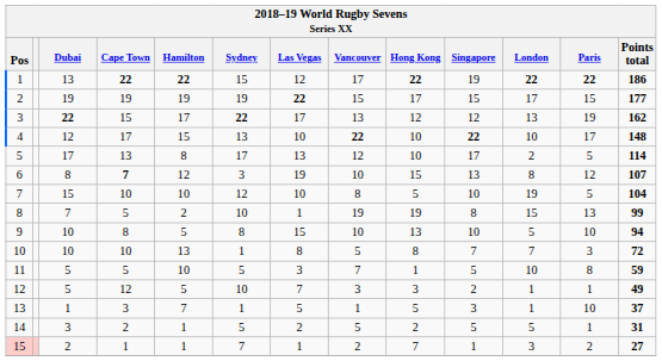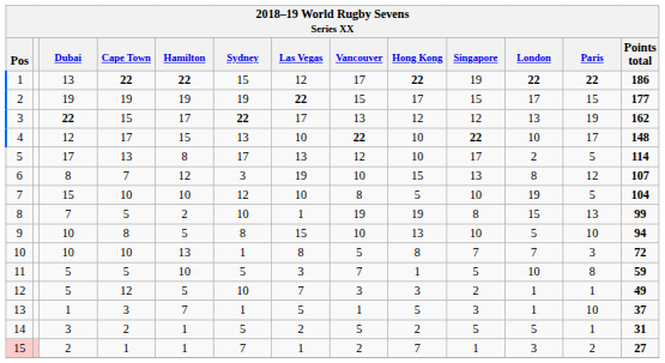 <table class="wikitable" style="text-align:center;">
 <tr bgcolor="#efefef">
 <th colspan=13 style="border-right:0px;";>2018–19 World Rugby Sevens<br><small>Series XX</small></th>
 </tr>
 <tr bgcolor="#efefef">
 <th style="width:1.8em;"> <br>Pos</th>
 <th></th>
 <th style="width:5.2em; vertical-align:top; font-size:85%;"><br><a href='#'>Dubai</a></th>
 <th style="width:5.2em; vertical-align:top; font-size:85%;"><br><a href='#'>Cape Town</a></th>
 <th style="width:5.2em; vertical-align:top; font-size:85%;"><br><a href='#'>Hamilton</a></th>
 <th style="width:5.2em; vertical-align:top; font-size:85%;"><br><a href='#'>Sydney</a></th>
 <th style="width:5.2em; vertical-align:top; font-size:85%;"><br><a href='#'>Las Vegas</a></th>
 <th style="width:5.2em; vertical-align:top; font-size:85%;"><br><a href='#'>Vancouver</a></th>
 <th style="width:5.2em; vertical-align:top; font-size:85%;"><br><a href='#'>Hong Kong</a></th>
 <th style="width:5.2em; vertical-align:top; font-size:85%;"><br><a href='#'>Singapore</a></th>
 <th style="width:5.2em; vertical-align:top; font-size:85%;"><br><a href='#'>London</a></th>
 <th style="width:5.2em; vertical-align:top; font-size:85%;"><br><a href='#'>Paris</a></th>
 <th>Points<br>total</th>
 </tr>
 <tr style="border-left:3px solid #06f;">
 <td>1</td>
 <td align="left"></td>
 <td>13</td>
 <td><strong>22</strong></td>
 <td><strong>22</strong></td>
 <td>15</td>
 <td>12</td>
 <td>17</td>
 <td><strong>22</strong></td>
 <td>19</td>
 <td><strong>22</strong></td>
 <td><strong>22</strong></td>
 <td><strong>186</strong></td>
 </tr>
 <tr style="border-left:3px solid #06f;">
 <td>2</td>
 <td align="left"></td>
 <td>19</td>
 <td>19</td>
 <td>19</td>
 <td>19</td>
 <td><strong>22</strong></td>
 <td>15</td>
 <td>17</td>
 <td>15</td>
 <td>17</td>
 <td>15</td>
 <td><strong>177</strong></td>
 </tr>
 <tr style="border-left:3px solid #06f;">
 <td>3</td>
 <td align="left"></td>
 <td><strong>22</strong></td>
 <td>15</td>
 <td>17</td>
 <td><strong>22 </strong></td>
 <td>17</td>
 <td>13</td>
 <td>12</td>
 <td>12</td>
 <td>13</td>
 <td>19</td>
 <td><strong>162</strong></td>
 </tr>
 <tr style="border-left:3px solid #06f;">
 <td>4</td>
 <td align="left"></td>
 <td>12</td>
 <td>17</td>
 <td>15</td>
 <td>13</td>
 <td>10</td>
 <td><strong>22</strong></td>
 <td>10</td>
 <td><strong>22</strong></td>
 <td>10</td>
 <td>17</td>
 <td><strong>148</strong></td>
 </tr>
 <tr>
 <td>5</td>
 <td align="left"></td>
 <td>17</td>
 <td>13</td>
 <td>8</td>
 <td>17</td>
 <td>13</td>
 <td>12</td>
 <td>10</td>
 <td>17</td>
 <td>2</td>
 <td>5</td>
 <td><strong>114</strong></td>
 </tr>
 <tr>
 <td>6</td>
 <td align="left"></td>
 <td>8</td>
-<td><strong>7</strong></td>
+<td>7</td>
 <td>12</td>
 <td>3</td>
 <td>19</td>
 <td>10</td>
 <td>15</td>
 <td>13</td>
 <td>8</td>
 <td>12</td>
 <td><strong>107</strong></td>
 </tr>
 <tr>
 <td>7</td>
 <td align="left"></td>
 <td>15</td>
 <td>10</td>
 <td>10</td>
 <td>12</td>
 <td>10</td>
 <td>8</td>
 <td>5</td>
 <td>10</td>
 <td>19</td>
 <td>5</td>
 <td><strong>104</strong></td>
 </tr>
 <tr>
 <td>8</td>
 <td align="left"></td>
 <td>7</td>
 <td>5</td>
 <td>2</td>
 <td>10</td>
 <td>1</td>
 <td>19</td>
 <td>19</td>
 <td>8</td>
 <td>15</td>
 <td>13</td>
 <td><strong>99</strong></td>
 </tr>
 <tr>
 <td>9</td>
 <td align="left"></td>
 <td>10</td>
 <td>8</td>
 <td>5</td>
 <td>8</td>
 <td>15</td>
 <td>10</td>
 <td>13</td>
 <td>10</td>
 <td>5</td>
 <td>10</td>
 <td><strong>94</strong></td>
 </tr>
 <tr>
 <td>10</td>
 <td align="left"></td>
 <td>10</td>
 <td>10</td>
 <td>13</td>
 <td>1</td>
 <td>8</td>
 <td>5</td>
 <td>8</td>
 <td>7</td>
 <td>7</td>
 <td>3</td>
 <td><strong>72</strong></td>
 </tr>
 <tr>
 <td>11</td>
 <td align="left"></td>
 <td>5</td>
 <td>5</td>
 <td>10</td>
 <td>5</td>
 <td>3</td>
 <td>7</td>
 <td>1</td>
 <td>5</td>
 <td>10</td>
 <td>8</td>
 <td><strong>59</strong></td>
 </tr>
 <tr>
 <td>12</td>
 <td align="left"></td>
 <td>5</td>
 <td>12</td>
 <td>5</td>
 <td>10</td>
 <td>7</td>
 <td>3</td>
 <td>3</td>
 <td>2</td>
 <td>1</td>
 <td>1</td>
 <td><strong>49</strong></td>
 </tr>
 <tr>
 <td>13</td>
 <td align="left"></td>
 <td>1</td>
 <td>3</td>
 <td>7</td>
 <td>1</td>
 <td>5</td>
 <td>1</td>
 <td>5</td>
 <td>3</td>
 <td>1</td>
 <td>10</td>
 <td><strong>37</strong></td>
 </tr>
 <tr>
 <td>14</td>
 <td align="left"></td>
 <td>3</td>
 <td>2</td>
 <td>1</td>
 <td>5</td>
 <td>2</td>
 <td>5</td>
 <td>2</td>
 <td>5</td>
 <td>5</td>
 <td>1</td>
 <td><strong>31</strong></td>
 </tr>
 <tr>
 <td style="background:#fcc;">15</td>
 <td style="background:#fcc;" align="left"></td>
 <td>2</td>
 <td>1</td>
 <td>1</td>
 <td>7</td>
 <td>1</td>
 <td>2</td>
 <td>7</td>
 <td>1</td>
 <td>3</td>
 <td>2</td>
 <td><strong>27</strong></td>
 </tr>
 <tr>
 </tr>
 </table>
